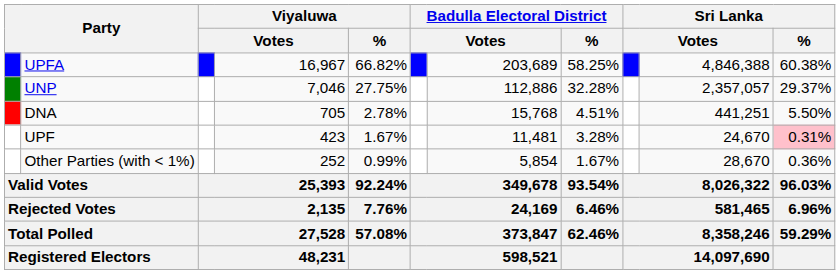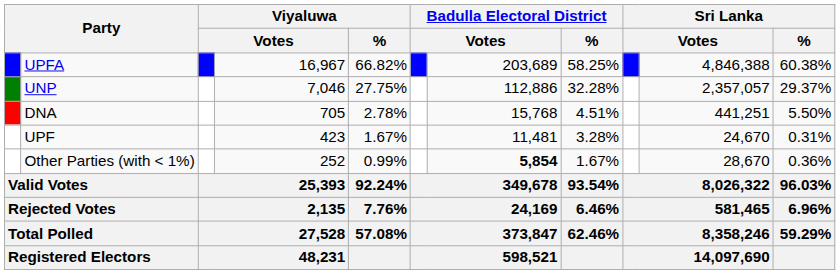 <table class="wikitable">
 <tr>
 <th colspan="2" width="144px"rowspan="2">Party</th>
 <th colspan="3" width="216px">Viyaluwa</th>
 <th colspan="3" width="216px"><a href='#'>Badulla Electoral District</a></th>
 <th colspan="3" width="216px">Sri Lanka</th>
 </tr>
 <tr>
 <th colspan="2" width="144px">Votes</th>
 <th>%</th>
 <th colspan="2" width="144px">Votes</th>
 <th>%</th>
 <th colspan="2" width="144px">Votes</th>
 <th>%</th>
 </tr>
 <tr>
 <td style="background-color:blue;" width="10px"></td>
 <td style="text-align:left;"><a href='#'>UPFA</a></td>
 <td style="background-color:blue;" width="10px"></td>
 <td style="text-align:right;">16,967</td>
 <td style="text-align:right;">66.82%</td>
 <td style="background-color:blue;" width="10px"></td>
 <td style="text-align:right;">203,689</td>
 <td style="text-align:right;">58.25%</td>
 <td style="background-color:blue;" width="10px"></td>
 <td style="text-align:right;">4,846,388</td>
 <td style="text-align:right;">60.38%</td>
 </tr>
 <tr>
 <td style="background-color:green;" width="10px"></td>
 <td style="text-align:left;"><a href='#'>UNP</a></td>
 <td style="background-color:white;" width="10px"></td>
 <td style="text-align:right;">7,046</td>
 <td style="text-align:right;">27.75%</td>
 <td style="background-color:white;" width="10px"></td>
 <td style="text-align:right;">112,886</td>
 <td style="text-align:right;">32.28%</td>
 <td style="background-color:white;" width="10px"></td>
 <td style="text-align:right;">2,357,057</td>
 <td style="text-align:right;">29.37%</td>
 </tr>
 <tr>
 <td style="background-color:red;" width="10px"></td>
 <td style="text-align:left;">DNA</td>
 <td style="background-color:white;" width="10px"></td>
 <td style="text-align:right;">705</td>
 <td style="text-align:right;">2.78%</td>
 <td style="background-color:white;" width="10px"></td>
 <td style="text-align:right;">15,768</td>
 <td style="text-align:right;">4.51%</td>
 <td style="background-color:white;" width="10px"></td>
 <td style="text-align:right;">441,251</td>
 <td style="text-align:right;">5.50%</td>
 </tr>
 <tr>
 <td style="background-color:white;" width="10px"></td>
 <td style="text-align:left;">UPF</td>
 <td style="background-color:white;" width="10px"></td>
 <td style="text-align:right;">423</td>
 <td style="text-align:right;">1.67%</td>
 <td style="background-color:white;" width="10px"></td>
 <td style="text-align:right;">11,481</td>
 <td style="text-align:right;">3.28%</td>
 <td style="background-color:white;" width="10px"></td>
 <td style="text-align:right;">24,670</td>
-<td style="background: pink; text-align:right;">0.31%</td>
+<td style="text-align:right;">0.31%</td>
 </tr>
 <tr>
 <td style="background-color:white;" width="10px"></td>
 <td style="text-align:left;">Other Parties (with < 1%)</td>
 <td style="background-color:white;" width="10px"></td>
 <td style="text-align:right;">252</td>
 <td style="text-align:right;">0.99%</td>
 <td style="background-color:white;" width="10px"></td>
-<td style="text-align:right;">5,854</td>
+<td style="text-align:right;"><strong>5,854</strong></td>
 <td style="text-align:right;">1.67%</td>
 <td style="background-color:white;" width="10px"></td>
 <td style="text-align:right;">28,670</td>
 <td style="text-align:right;">0.36%</td>
 </tr>
 <tr>
 <th colspan="2" width="144px"style="text-align:left;">Valid Votes</th>
 <th style="text-align:right;"colspan="2" width="144px">25,393</th>
 <th style="text-align:right;">92.24%</th>
 <th style="text-align:right;"colspan="2" width="144px">349,678</th>
 <th style="text-align:right;">93.54%</th>
 <th style="text-align:right;"colspan="2" width="144px">8,026,322</th>
 <th style="text-align:right;">96.03%</th>
 </tr>
 <tr>
 <th colspan="2" width="144px"style="text-align:left;">Rejected Votes</th>
 <th style="text-align:right;"colspan="2" width="144px">2,135</th>
 <th style="text-align:right;">7.76%</th>
 <th style="text-align:right;"colspan="2" width="144px">24,169</th>
 <th style="text-align:right;">6.46%</th>
 <th style="text-align:right;"colspan="2" width="144px">581,465</th>
 <th style="text-align:right;">6.96%</th>
 </tr>
 <tr>
 <th colspan="2" width="144px"style="text-align:left;">Total Polled</th>
 <th style="text-align:right;"colspan="2" width="144px">27,528</th>
 <th style="text-align:right;">57.08%</th>
 <th style="text-align:right;"colspan="2" width="144px">373,847</th>
 <th style="text-align:right;">62.46%</th>
 <th style="text-align:right;"colspan="2" width="144px">8,358,246</th>
 <th style="text-align:right;">59.29%</th>
 </tr>
 <tr>
 <th colspan="2" width="144px"style="text-align:left;">Registered Electors</th>
 <th style="text-align:right;"colspan="2" width="144px">48,231</th>
 <th></th>
 <th style="text-align:right;"colspan="2" width="144px">598,521</th>
 <th></th>
 <th style="text-align:right;"colspan="2" width="144px">14,097,690</th>
 <th></th>
 </tr>
 </table>
